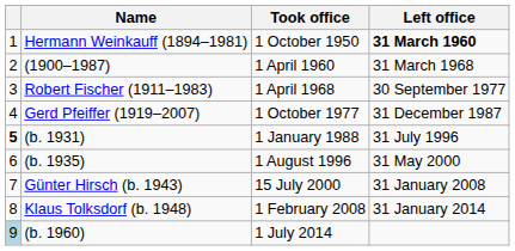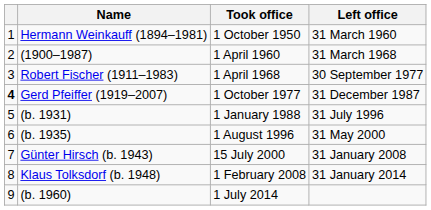 <table class="wikitable" style="font-size: 90%">
 <tr>
 <th></th>
 <th>Name</th>
 <th>Took office</th>
 <th>Left office</th>
 </tr>
 <tr>
 <td>1</td>
 <td><a href='#'>Hermann Weinkauff</a> (1894–1981)</td>
 <td>1 October 1950</td>
-<td><strong>31 March 1960</strong></td>
+<td>31 March 1960</td>
 </tr>
 <tr>
 <td>2</td>
 <td> (1900–1987)</td>
 <td>1 April 1960</td>
 <td>31 March 1968</td>
 </tr>
 <tr>
 <td>3</td>
 <td><a href='#'>Robert Fischer</a> (1911–1983)</td>
 <td>1 April 1968</td>
 <td>30 September 1977</td>
 </tr>
 <tr>
-<td>4</td>
+<td><strong>4</strong></td>
 <td><a href='#'>Gerd Pfeiffer</a> (1919–2007)</td>
 <td>1 October 1977</td>
 <td>31 December 1987</td>
 </tr>
 <tr>
-<td><strong>5</strong></td>
+<td>5</td>
 <td> (b. 1931)</td>
 <td>1 January 1988</td>
 <td>31 July 1996</td>
 </tr>
 <tr>
 <td>6</td>
 <td> (b. 1935)</td>
 <td>1 August 1996</td>
 <td>31 May 2000</td>
 </tr>
 <tr>
 <td>7</td>
 <td><a href='#'>Günter Hirsch</a> (b. 1943)</td>
 <td>15 July 2000</td>
 <td>31 January 2008</td>
 </tr>
 <tr>
 <td>8</td>
 <td><a href='#'>Klaus Tolksdorf</a> (b. 1948)</td>
 <td>1 February 2008</td>
 <td>31 January 2014</td>
 </tr>
 <tr>
-<td style="background: lightblue;">9</td>
+<td>9</td>
 <td> (b. 1960)</td>
 <td>1 July 2014</td>
 </tr>
 </table>
